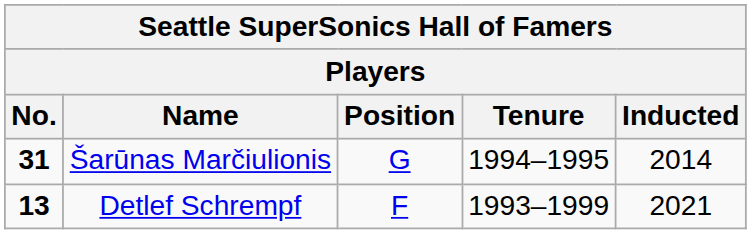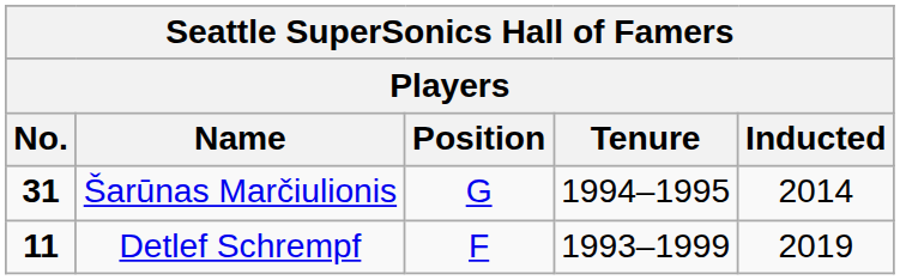 <table class="wikitable" style="text-align:center">
 <tr>
 <th colspan="5">Seattle SuperSonics Hall of Famers</th>
 </tr>
 <tr>
 <th colspan="5" style="text-align:center; ">Players</th>
 </tr>
 <tr>
 <th>No.</th>
 <th>Name</th>
 <th>Position</th>
 <th>Tenure</th>
 <th>Inducted</th>
 </tr>
 <tr>
 <td><strong>31</strong></td>
 <td><a href='#'>Šarūnas Marčiulionis</a></td>
 <td><a href='#'>G</a></td>
 <td>1994–1995</td>
 <td>2014</td>
 </tr>
 <tr>
-<td><strong>13</strong></td>
+<td><strong>11</strong></td>
 <td><a href='#'>Detlef Schrempf</a></td>
 <td><a href='#'>F</a></td>
 <td>1993–1999</td>
-<td>2021</td>
+<td>2019</td>
 </tr>
 </table>
